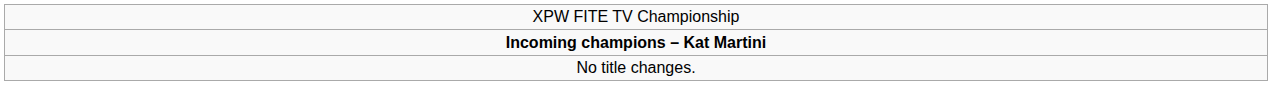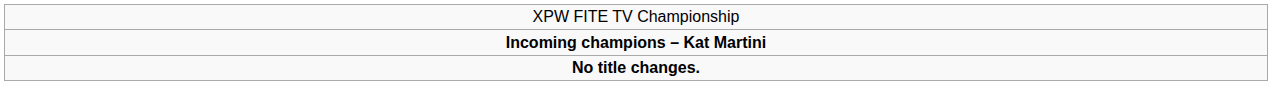 <table class="wikitable" style="text-align:center; width:100%;">
 <tr>
 <td colspan="5" style="text-align: center;">XPW FITE TV Championship</td>
 </tr>
 <tr>
 <td colspan="5" style="text-align: center;"><strong>Incoming champions – Kat Martini</strong></td>
 </tr>
 <tr>
-<td>No title changes.</td>
+<td><strong>No title changes.</strong></td>
 </tr>
 <tr>
 </tr>
 </table>
